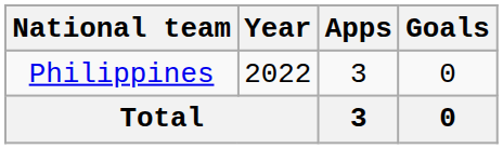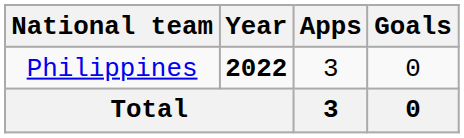 <table class=wikitable style=text-align:center>
 <tr>
 <th>National team</th>
 <th>Year</th>
 <th>Apps</th>
 <th>Goals</th>
 </tr>
 <tr>
 <td><a href='#'>Philippines</a></td>
-<td>2022</td>
+<td><strong>2022</strong></td>
 <td>3</td>
 <td>0</td>
 </tr>
 <tr>
 <th colspan="2">Total</th>
 <th>3</th>
 <th>0</th>
 </tr>
 </table>
